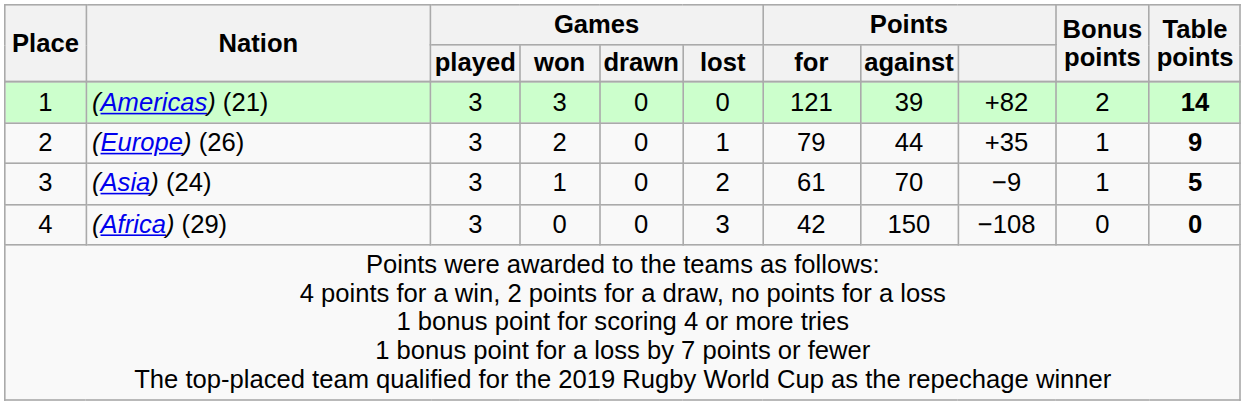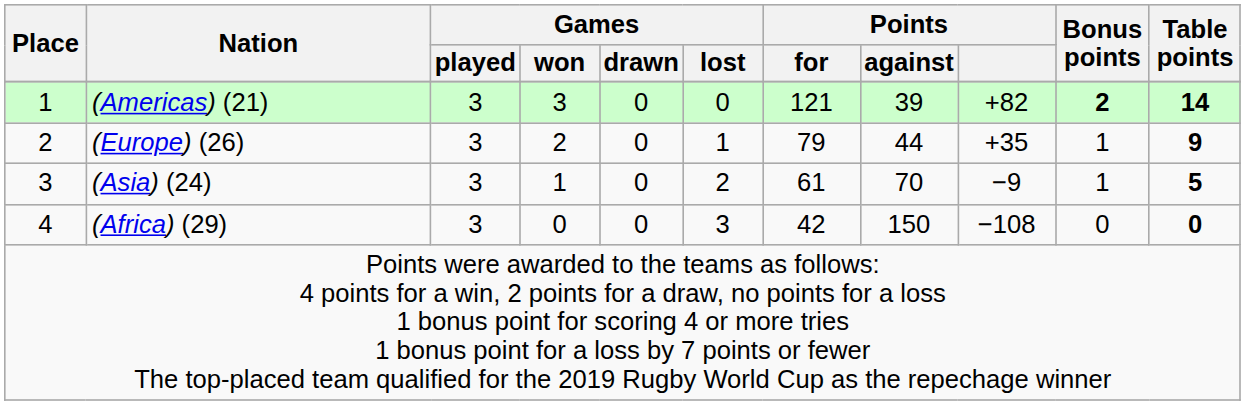 <table class="wikitable">
 <tr>
 <th rowspan=2 style="width:2em; padding:4px;">Place</th>
 <th rowspan=2 style="width:13em;">Nation</th>
 <th colspan=4>Games</th>
 <th colspan=3>Points</th>
 <th rowspan=2 style="width:2em; padding:4px;">Bonus<br>points</th>
 <th rowspan=2 style="width:2em; padding:4px;">Table<br>points</th>
 </tr>
 <tr>
 <th style="width:2.8em; padding:2px;">played</th>
 <th style="width:2.8em; padding:2px;">won</th>
 <th style="width:2.8em; padding:2px;">drawn</th>
 <th style="width:2.8em; padding:2px;">lost</th>
 <th style="width:3.5em; padding:2px;">for</th>
 <th style="width:3.5em; padding:2px;">against</th>
 <th style="width:3.5em; padding:2px;"></th>
 </tr>
 <tr>
 </tr>
 <tr align=center bgcolor=ccffcc>
 <td>1</td>
 <td align=left>  <em>(<a href='#'>Americas</a>)</em> (21)</td>
 <td>3</td>
 <td>3</td>
 <td>0</td>
 <td>0</td>
 <td>121</td>
 <td>39</td>
 <td>+82</td>
-<td>2</td>
+<td><strong>2</strong></td>
 <td><strong>14</strong></td>
 </tr>
 <tr align=center>
 <td>2</td>
 <td align=left> <em>(<a href='#'>Europe</a>)</em> (26)</td>
 <td>3</td>
 <td>2</td>
 <td>0</td>
 <td>1</td>
 <td>79</td>
 <td>44</td>
 <td>+35</td>
 <td>1</td>
 <td><strong>9</strong></td>
 </tr>
 <tr align=center>
 <td>3</td>
 <td align=left> <em>(<a href='#'>Asia</a>)</em> (24)</td>
 <td>3</td>
 <td>1</td>
 <td>0</td>
 <td>2</td>
 <td>61</td>
 <td>70</td>
 <td>−9</td>
 <td>1</td>
 <td><strong>5</strong></td>
 </tr>
 <tr align=center>
 <td>4</td>
 <td align=left> <em>(<a href='#'>Africa</a>)</em> (29)</td>
 <td>3</td>
 <td>0</td>
 <td>0</td>
 <td>3</td>
 <td>42</td>
 <td>150</td>
 <td>−108</td>
 <td>0</td>
 <td><strong>0</strong></td>
 </tr>
 <tr>
 <td colspan="100%" style="text-align:center;">Points were awarded to the teams as follows:<br>4 points for a win, 2 points for a draw, no points for a loss<br>1 bonus point for scoring 4 or more tries<br>1 bonus point for a loss by 7 points or fewer<br> <span>The top-placed team qualified for the 2019 Rugby World Cup as the repechage winner</span></td>
 </tr>
 </table>
